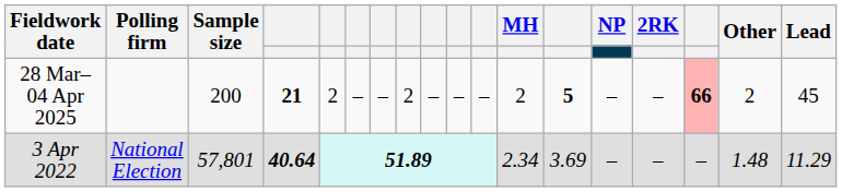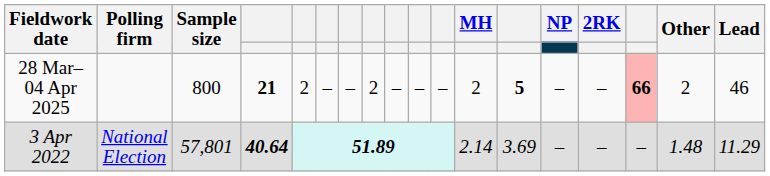 <table class="wikitable sortable" style="text-align:center;font-size:95%;line-height:16px;">
 <tr>
 <th rowspan="2">Fieldwork date</th>
 <th rowspan="2">Polling firm</th>
 <th rowspan="2">Sample<br>size</th>
 <th style="width:35px;"></th>
 <th style="width:35px;"></th>
 <th style="width:35px;"></th>
 <th style="width:35px;"></th>
 <th style="width:35px;"></th>
 <th style="width:35px;"></th>
 <th style="width:35px;"></th>
 <th style="width:35px;"></th>
 <th style="width:35px;"><a href='#'>MH</a></th>
 <th style="width:35px;"></th>
 <th style="width:35px;"><a href='#'>NP</a></th>
 <th style="width:35px;"><a href='#'>2RK</a></th>
 <th style="width:35px;"></th>
 <th rowspan="2">Other</th>
 <th rowspan="2">Lead</th>
 </tr>
 <tr>
 <th style="background:"></th>
 <th style="background:"></th>
 <th style="background:"></th>
 <th style="background:"></th>
 <th style="background:"></th>
 <th style="background:"></th>
 <th style="background:"></th>
 <th style="background:"></th>
 <th style="background:"></th>
 <th style="background:"></th>
 <th style="background:#023854;"></th>
 <th style="background:"></th>
 <th style="background:"></th>
 </tr>
 <tr>
 <td data-sort-value="2025-03-31">28 Mar–04 Apr 2025</td>
 <td></td>
-<td>200</td>
+<td>800</td>
 <td><strong>21</strong></td>
 <td>2</td>
 <td>–</td>
 <td>–</td>
 <td>2</td>
 <td>–</td>
 <td>–</td>
 <td>–</td>
 <td>2</td>
 <td><strong>5</strong></td>
 <td>–</td>
 <td>–</td>
 <td style="background:#FFB4B4"><strong>66</strong></td>
 <td>2</td>
-<td style="background:">45</td>
+<td style="background:">46</td>
 </tr>
 <tr style="background:#DFDFDF;">
 <td data-sort-value="2022-04-03"><em>3 Apr 2022</em></td>
 <td><em><a href='#'>National Election</a></em></td>
 <td><em>57,801</em></td>
 <td><strong><em>40.64</em></strong></td>
 <td colspan="7" style="background:#D4F7F6"><strong><em>51.89</em></strong></td>
-<td><em>2.34</em></td>
+<td><em>2.14</em></td>
 <td><em>3.69</em></td>
 <td>–</td>
 <td>–</td>
 <td>–</td>
 <td><em>1.48</em></td>
 <td style="background:"><em>11.29</em></td>
 </tr>
 </table>
